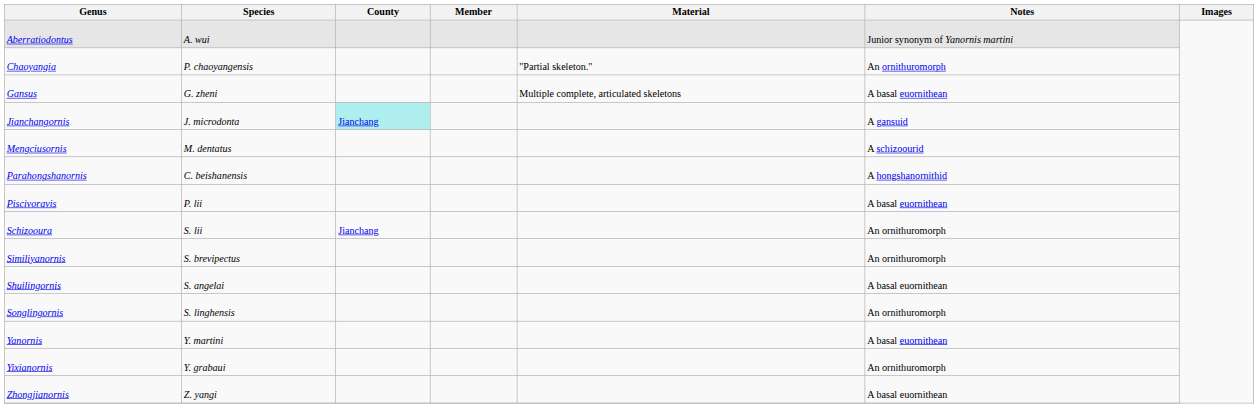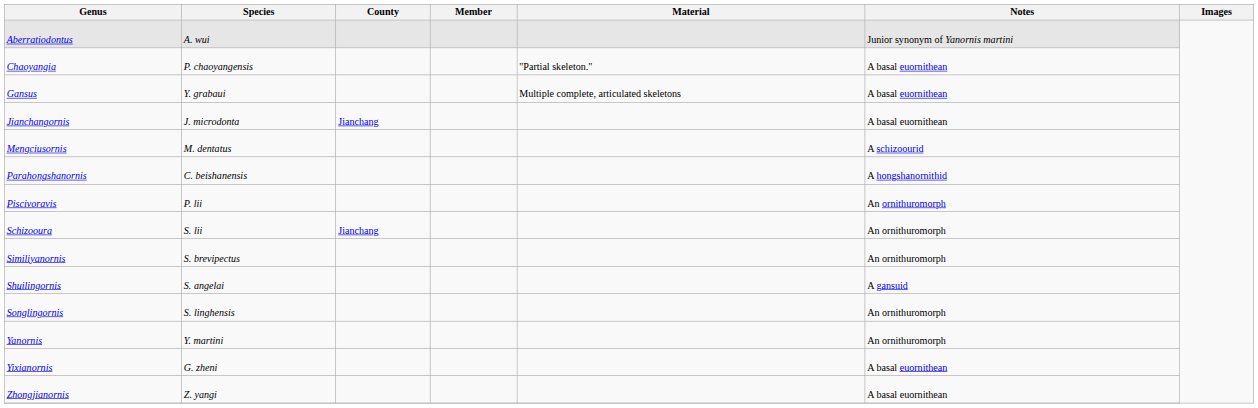 <table class="wikitable" align="center" width="100%">
 <tr>
 <th>Genus</th>
 <th>Species</th>
 <th>County</th>
 <th>Member</th>
 <th>Material</th>
 <th>Notes</th>
 <th>Images</th>
 </tr>
 <tr>
 <td style="background:#E6E6E6;"><br><em><a href='#'>Aberratiodontus</a></em></td>
 <td style="background:#E6E6E6;"><br><em>A. wui</em></td>
 <td style="background:#E6E6E6;"></td>
 <td style="background:#E6E6E6;"></td>
 <td style="background:#E6E6E6;"></td>
 <td style="background:#E6E6E6;"><br>Junior synonym of <em>Yanornis martini</em></td>
 <td rowspan="99"><br>   </td>
 </tr>
 <tr>
 <td><br><em><a href='#'>Chaoyangia</a></em></td>
 <td><br><em>P. chaoyangensis</em></td>
 <td></td>
 <td></td>
 <td><br>"Partial skeleton."</td>
-<td><br>An <a href='#'>ornithuromorph</a></td>
+<td><br>A basal <a href='#'>euornithean</a></td>
 </tr>
 <tr>
 <td><br><em><a href='#'>Gansus</a></em></td>
-<td><br><em>G. zheni</em></td>
+<td><br><em>Y. grabaui</em></td>
 <td></td>
 <td></td>
 <td><br>Multiple complete, articulated skeletons</td>
 <td><br>A basal <a href='#'>euornithean</a></td>
 </tr>
 <tr>
 <td><br><em><a href='#'>Jianchangornis</a></em></td>
 <td><br><em>J. microdonta</em></td>
-<td style="background: paleturquoise;"><br><a href='#'>Jianchang</a></td>
+<td><br><a href='#'>Jianchang</a></td>
 <td></td>
 <td></td>
-<td><br>A <a href='#'>gansuid</a></td>
+<td><br>A basal euornithean</td>
 </tr>
 <tr>
 <td><br><em><a href='#'>Mengciusornis</a></em></td>
 <td><br><em>M. dentatus</em></td>
 <td></td>
 <td></td>
 <td></td>
 <td><br>A <a href='#'>schizoourid</a></td>
 </tr>
 <tr>
 <td><br><em><a href='#'>Parahongshanornis</a></em></td>
 <td><br><em>C. beishanensis</em></td>
 <td></td>
 <td></td>
 <td></td>
 <td><br>A <a href='#'>hongshanornithid</a></td>
 </tr>
 <tr>
 <td><br><em><a href='#'>Piscivoravis</a></em></td>
 <td><br><em>P. lii</em></td>
 <td></td>
 <td></td>
 <td></td>
-<td><br>A basal <a href='#'>euornithean</a></td>
+<td><br>An <a href='#'>ornithuromorph</a></td>
 </tr>
 <tr>
 <td><br><em><a href='#'>Schizooura</a></em></td>
 <td><br><em>S. lii</em></td>
 <td><br><a href='#'>Jianchang</a></td>
 <td></td>
 <td></td>
 <td><br>An ornithuromorph</td>
 </tr>
 <tr>
 <td><br><em><a href='#'>Similiyanornis</a></em></td>
 <td><br><em>S. brevipectus</em></td>
 <td></td>
 <td></td>
 <td></td>
 <td><br>An ornithuromorph</td>
 </tr>
 <tr>
 <td><br><em><a href='#'>Shuilingornis</a></em></td>
 <td><br><em>S. angelai</em></td>
 <td></td>
 <td></td>
 <td></td>
-<td><br>A basal euornithean</td>
+<td><br>A <a href='#'>gansuid</a></td>
 </tr>
 <tr>
 <td><br><em><a href='#'>Songlingornis</a></em></td>
 <td><br><em>S. linghensis</em></td>
 <td></td>
 <td></td>
 <td></td>
 <td><br>An ornithuromorph</td>
 </tr>
 <tr>
 <td><br><em><a href='#'>Yanornis</a></em></td>
 <td><br><em>Y. martini</em></td>
 <td></td>
 <td></td>
 <td></td>
-<td><br>A basal <a href='#'>euornithean</a></td>
+<td><br>An ornithuromorph</td>
 </tr>
 <tr>
 <td><br><em><a href='#'>Yixianornis</a></em></td>
-<td><br><em>Y. grabaui</em></td>
+<td><br><em>G. zheni</em></td>
 <td></td>
 <td></td>
 <td></td>
-<td><br>An ornithuromorph</td>
+<td><br>A basal <a href='#'>euornithean</a></td>
 </tr>
 <tr>
 <td><br><em><a href='#'>Zhongjianornis</a></em></td>
 <td><br><em>Z. yangi</em></td>
 <td></td>
 <td></td>
 <td></td>
 <td><br>A basal euornithean</td>
 </tr>
 <tr>
 </tr>
 </table>
